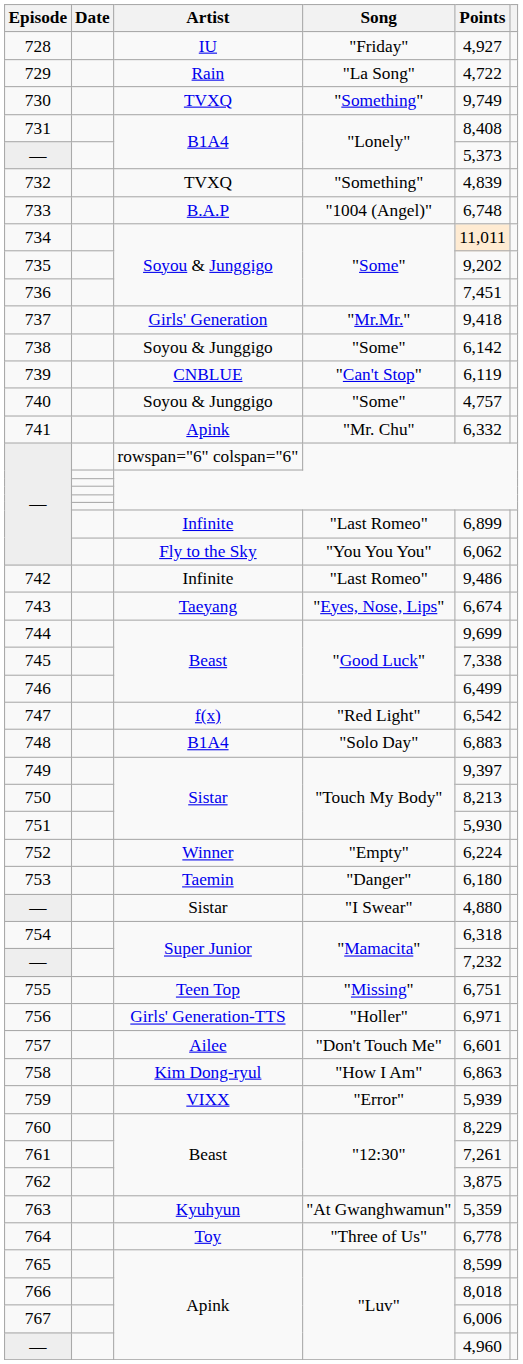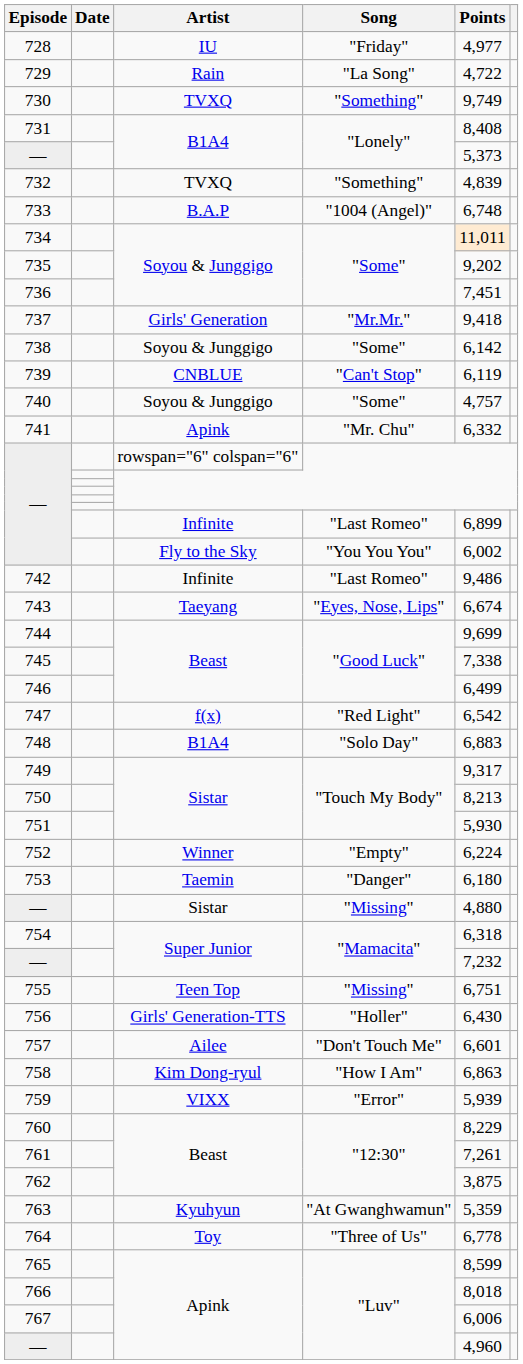 <table class="sortable wikitable" style=text-align:center>
 <tr>
 <th>Episode</th>
 <th>Date</th>
 <th>Artist</th>
 <th>Song</th>
 <th>Points</th>
 <th class="unsortable"></th>
 </tr>
 <tr>
 <td>728</td>
 <td></td>
 <td><a href='#'>IU</a></td>
 <td>"Friday"</td>
-<td>4,927</td>
+<td>4,977</td>
 <td></td>
 </tr>
 <tr>
 <td>729</td>
 <td></td>
 <td><a href='#'>Rain</a></td>
 <td>"La Song"</td>
 <td>4,722</td>
 <td></td>
 </tr>
 <tr>
 <td>730</td>
 <td></td>
 <td><a href='#'>TVXQ</a></td>
 <td>"<a href='#'>Something</a>"</td>
 <td>9,749</td>
 <td></td>
 </tr>
 <tr>
 <td>731</td>
 <td></td>
 <td rowspan="2"><a href='#'>B1A4</a></td>
 <td rowspan="2">"Lonely"</td>
 <td>8,408</td>
 <td></td>
 </tr>
 <tr>
 <td style="background:#eee">—</td>
 <td></td>
 <td>5,373</td>
 <td></td>
 </tr>
 <tr>
 <td>732</td>
 <td></td>
 <td>TVXQ</td>
 <td>"Something"</td>
 <td>4,839</td>
 <td></td>
 </tr>
 <tr>
 <td>733</td>
 <td></td>
 <td><a href='#'>B.A.P</a></td>
 <td>"1004 (Angel)"</td>
 <td>6,748</td>
 <td></td>
 </tr>
 <tr>
 <td>734</td>
 <td></td>
 <td rowspan="3"><a href='#'>Soyou</a> & <a href='#'>Junggigo</a></td>
 <td rowspan="3">"<a href='#'>Some</a>"</td>
 <td style='background:#ffebd2'>11,011</td>
 <td></td>
 </tr>
 <tr>
 <td>735</td>
 <td></td>
 <td>9,202</td>
 <td></td>
 </tr>
 <tr>
 <td>736</td>
 <td></td>
 <td>7,451</td>
 <td></td>
 </tr>
 <tr>
 <td>737</td>
 <td></td>
 <td><a href='#'>Girls' Generation</a></td>
 <td>"<a href='#'>Mr.Mr.</a>"</td>
 <td>9,418</td>
 <td></td>
 </tr>
 <tr>
 <td>738</td>
 <td></td>
 <td>Soyou & Junggigo</td>
 <td>"Some"</td>
 <td>6,142</td>
 <td></td>
 </tr>
 <tr>
 <td>739</td>
 <td></td>
 <td><a href='#'>CNBLUE</a></td>
 <td>"<a href='#'>Can't Stop</a>"</td>
 <td>6,119</td>
 <td></td>
 </tr>
 <tr>
 <td>740</td>
 <td></td>
 <td>Soyou & Junggigo</td>
 <td>"Some"</td>
 <td>4,757</td>
 <td></td>
 </tr>
 <tr>
 <td>741</td>
 <td></td>
 <td><a href='#'>Apink</a></td>
 <td>"Mr. Chu"</td>
 <td>6,332</td>
 <td></td>
 </tr>
 <tr>
 <td rowspan="8" style="background:#eee;">—</td>
 <td></td>
 <td>rowspan="6" colspan="6" </td>
 </tr>
 <tr>
 <td></td>
 </tr>
 <tr>
 <td></td>
 </tr>
 <tr>
 <td></td>
 </tr>
 <tr>
 <td></td>
 </tr>
 <tr>
 <td></td>
 </tr>
 <tr>
 <td></td>
 <td><a href='#'>Infinite</a></td>
 <td>"Last Romeo"</td>
 <td>6,899</td>
 <td></td>
 </tr>
 <tr>
 <td></td>
 <td><a href='#'>Fly to the Sky</a></td>
 <td>"You You You"</td>
-<td>6,062</td>
+<td>6,002</td>
 <td></td>
 </tr>
 <tr>
 <td>742</td>
 <td></td>
 <td>Infinite</td>
 <td>"Last Romeo"</td>
 <td>9,486</td>
 <td></td>
 </tr>
 <tr>
 <td>743</td>
 <td></td>
 <td><a href='#'>Taeyang</a></td>
 <td>"<a href='#'>Eyes, Nose, Lips</a>"</td>
 <td>6,674</td>
 <td></td>
 </tr>
 <tr>
 <td>744</td>
 <td></td>
 <td rowspan="3"><a href='#'>Beast</a></td>
 <td rowspan="3">"<a href='#'>Good Luck</a>"</td>
 <td>9,699</td>
 <td></td>
 </tr>
 <tr>
 <td>745</td>
 <td></td>
 <td>7,338</td>
 <td></td>
 </tr>
 <tr>
 <td>746</td>
 <td></td>
 <td>6,499</td>
 <td></td>
 </tr>
 <tr>
 <td>747</td>
 <td></td>
 <td><a href='#'>f(x)</a></td>
 <td>"Red Light"</td>
 <td>6,542</td>
 <td></td>
 </tr>
 <tr>
 <td>748</td>
 <td></td>
 <td><a href='#'>B1A4</a></td>
 <td>"Solo Day"</td>
 <td>6,883</td>
 <td></td>
 </tr>
 <tr>
 <td>749</td>
 <td></td>
 <td rowspan="3"><a href='#'>Sistar</a></td>
 <td rowspan="3">"Touch My Body"</td>
-<td>9,397</td>
+<td>9,317</td>
 <td></td>
 </tr>
 <tr>
 <td>750</td>
 <td></td>
 <td>8,213</td>
 <td></td>
 </tr>
 <tr>
 <td>751</td>
 <td></td>
 <td>5,930</td>
 <td></td>
 </tr>
 <tr>
 <td>752</td>
 <td></td>
 <td><a href='#'>Winner</a></td>
 <td>"Empty"</td>
 <td>6,224</td>
 <td></td>
 </tr>
 <tr>
 <td>753</td>
 <td></td>
 <td><a href='#'>Taemin</a></td>
 <td>"Danger"</td>
 <td>6,180</td>
 <td></td>
 </tr>
 <tr>
 <td style="background:#eee;">—</td>
 <td></td>
 <td>Sistar</td>
-<td>"I Swear"</td>
+<td>"<a href='#'>Missing</a>"</td>
 <td>4,880</td>
 <td></td>
 </tr>
 <tr>
 <td>754</td>
 <td></td>
 <td rowspan="2"><a href='#'>Super Junior</a></td>
 <td rowspan="2">"<a href='#'>Mamacita</a>"</td>
 <td>6,318</td>
 <td></td>
 </tr>
 <tr>
 <td style="background:#eee;">—</td>
 <td></td>
 <td>7,232</td>
 <td></td>
 </tr>
 <tr>
 <td>755</td>
 <td></td>
 <td><a href='#'>Teen Top</a></td>
 <td>"<a href='#'>Missing</a>"</td>
 <td>6,751</td>
 <td></td>
 </tr>
 <tr>
 <td>756</td>
 <td></td>
 <td><a href='#'>Girls' Generation-TTS</a></td>
 <td>"Holler"</td>
-<td>6,971</td>
+<td>6,430</td>
 <td></td>
 </tr>
 <tr>
 <td>757</td>
 <td></td>
 <td><a href='#'>Ailee</a></td>
 <td>"Don't Touch Me"</td>
 <td>6,601</td>
 <td></td>
 </tr>
 <tr>
 <td>758</td>
 <td></td>
 <td><a href='#'>Kim Dong-ryul</a></td>
 <td>"How I Am"</td>
 <td>6,863</td>
 <td></td>
 </tr>
 <tr>
 <td>759</td>
 <td></td>
 <td><a href='#'>VIXX</a></td>
 <td>"Error"</td>
 <td>5,939</td>
 <td></td>
 </tr>
 <tr>
 <td>760</td>
 <td></td>
 <td rowspan="3">Beast</td>
 <td rowspan="3">"12:30"</td>
 <td>8,229</td>
 <td></td>
 </tr>
 <tr>
 <td>761</td>
 <td></td>
 <td>7,261</td>
 <td></td>
 </tr>
 <tr>
 <td>762</td>
 <td></td>
 <td>3,875</td>
 <td></td>
 </tr>
 <tr>
 <td>763</td>
 <td></td>
 <td><a href='#'>Kyuhyun</a></td>
 <td>"At Gwanghwamun"</td>
 <td>5,359</td>
 <td></td>
 </tr>
 <tr>
 <td>764</td>
 <td></td>
 <td><a href='#'>Toy</a></td>
 <td>"Three of Us"</td>
 <td>6,778</td>
 <td></td>
 </tr>
 <tr>
 <td>765</td>
 <td></td>
 <td rowspan="4">Apink</td>
 <td rowspan="4">"Luv"</td>
 <td>8,599</td>
 <td></td>
 </tr>
 <tr>
 <td>766</td>
 <td></td>
 <td>8,018</td>
 <td></td>
 </tr>
 <tr>
 <td>767</td>
 <td></td>
 <td>6,006</td>
 <td></td>
 </tr>
 <tr>
 <td style="background:#eee;">—</td>
 <td></td>
 <td>4,960</td>
 <td></td>
 </tr>
 <tr>
 </tr>
 </table>
